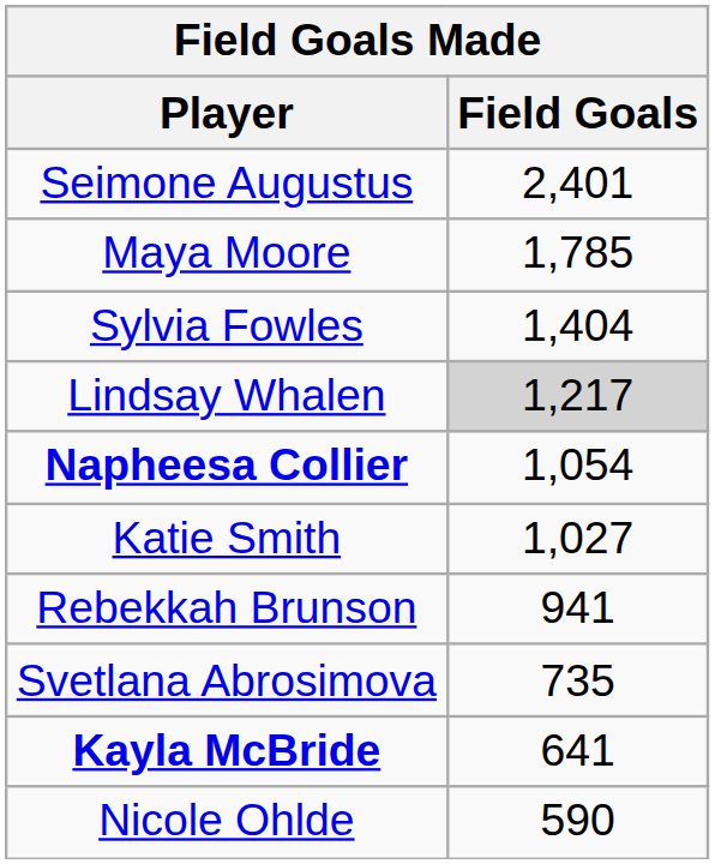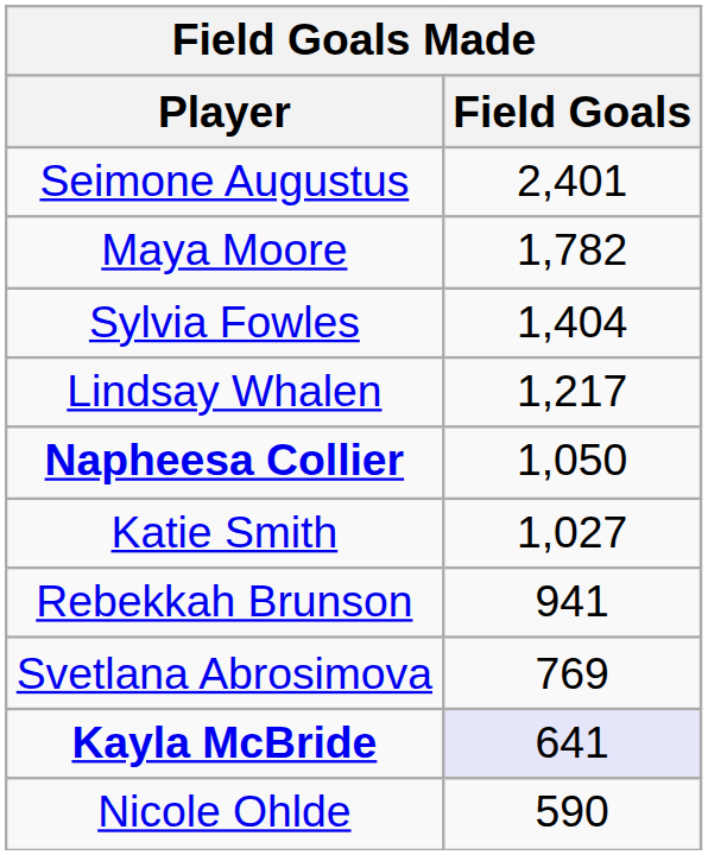 <table class="wikitable sortable" style="text-align:center">
 <tr>
 <th colspan="5">Field Goals Made</th>
 </tr>
 <tr>
 <th>Player</th>
 <th>Field Goals</th>
 </tr>
 <tr>
 <td><a href='#'>Seimone Augustus</a></td>
 <td>2,401</td>
 </tr>
 <tr>
 <td><a href='#'>Maya Moore</a></td>
-<td>1,785</td>
+<td>1,782</td>
 </tr>
 <tr>
 <td><a href='#'>Sylvia Fowles</a></td>
 <td>1,404</td>
 </tr>
 <tr>
 <td><a href='#'>Lindsay Whalen</a></td>
-<td style="background: lightgrey;">1,217</td>
+<td>1,217</td>
 </tr>
 <tr>
 <td><strong><a href='#'>Napheesa Collier</a></strong></td>
-<td>1,054</td>
+<td>1,050</td>
 </tr>
 <tr>
 <td><a href='#'>Katie Smith</a></td>
 <td>1,027</td>
 </tr>
 <tr>
 <td><a href='#'>Rebekkah Brunson</a></td>
 <td>941</td>
 </tr>
 <tr>
 <td><a href='#'>Svetlana Abrosimova</a></td>
-<td>735</td>
+<td>769</td>
 </tr>
 <tr>
 <td><strong><a href='#'>Kayla McBride</a></strong></td>
-<td>641</td>
+<td style="background: lavender;">641</td>
 </tr>
 <tr>
 <td><a href='#'>Nicole Ohlde</a></td>
 <td>590</td>
 </tr>
 </table>
